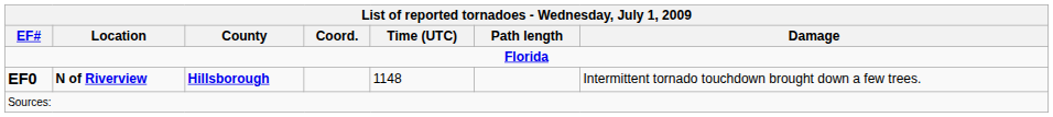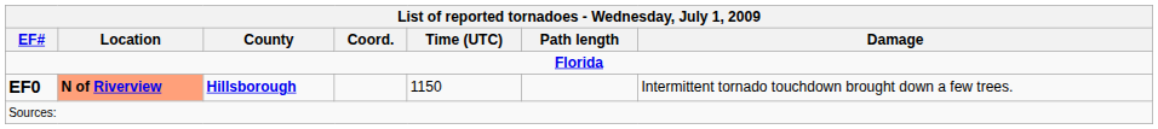 <table class="wikitable collapsible" style="width:100%;">
 <tr>
 <th colspan="7">List of reported tornadoes - Wednesday, July 1, 2009</th>
 </tr>
 <tr>
 <th><a href='#'>EF#</a></th>
 <th>Location</th>
 <th>County</th>
 <th>Coord.</th>
 <th>Time (UTC)</th>
 <th>Path length</th>
 <th>Damage</th>
 </tr>
 <tr>
 <td colspan="7" style="text-align:center;"><strong><a href='#'>Florida</a></strong></td>
 </tr>
 <tr>
 <td><big><strong>EF0</strong></big></td>
-<td><strong>N of <a href='#'>Riverview</a></strong></td>
+<td style="background: lightsalmon;"><strong>N of <a href='#'>Riverview</a></strong></td>
 <td><strong><a href='#'>Hillsborough</a></strong></td>
 <td></td>
-<td>1148</td>
+<td>1150</td>
 <td></td>
 <td>Intermittent tornado touchdown brought down a few trees.</td>
 </tr>
 <tr>
 <td colspan="7"><small>Sources: </small></td>
 </tr>
 </table>
